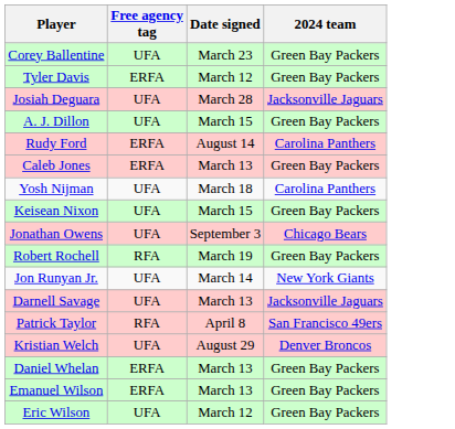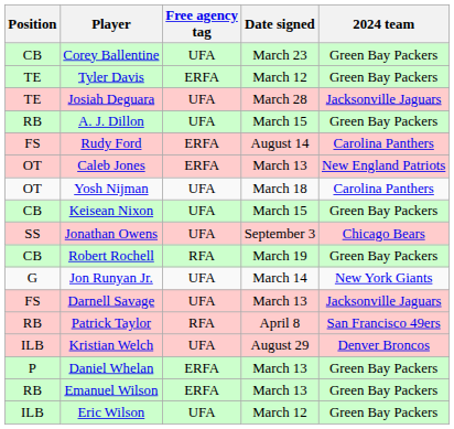 <table class="wikitable" style="text-align:center">
 <tr>
+<th>Position</th>
 <th>Player</th>
 <th><a href='#'><span>Free agency</span></a><br>tag</th>
 <th>Date signed</th>
 <th>2024 team</th>
 </tr>
 <tr bgcolor=ccffcc>
+<td>CB</td>
 <td><a href='#'>Corey Ballentine</a></td>
 <td>UFA</td>
 <td>March 23</td>
 <td>Green Bay Packers</td>
 </tr>
 <tr bgcolor=ccffcc>
+<td>TE</td>
 <td><a href='#'>Tyler Davis</a></td>
 <td>ERFA</td>
 <td>March 12</td>
 <td>Green Bay Packers</td>
 </tr>
 <tr bgcolor=ffcccc>
+<td>TE</td>
 <td><a href='#'>Josiah Deguara</a></td>
 <td>UFA</td>
 <td>March 28</td>
 <td><a href='#'>Jacksonville Jaguars</a></td>
 </tr>
 <tr bgcolor=ccffcc>
+<td>RB</td>
 <td><a href='#'>A. J. Dillon</a></td>
 <td>UFA</td>
 <td>March 15</td>
 <td>Green Bay Packers</td>
 </tr>
 <tr bgcolor=ffcccc>
+<td>FS</td>
 <td><a href='#'>Rudy Ford</a></td>
 <td>ERFA</td>
 <td>August 14</td>
 <td><a href='#'>Carolina Panthers</a></td>
 </tr>
 <tr bgcolor=ffcccc>
+<td>OT</td>
 <td><a href='#'>Caleb Jones</a></td>
 <td>ERFA</td>
 <td>March 13</td>
-<td>Green Bay Packers</td>
+<td><a href='#'>New England Patriots</a></td>
 </tr>
 <tr -bgcolor=ffcccc>
+<td>OT</td>
 <td><a href='#'>Yosh Nijman</a></td>
 <td>UFA</td>
 <td>March 18</td>
 <td><a href='#'>Carolina Panthers</a></td>
 </tr>
 <tr bgcolor=ccffcc>
+<td>CB</td>
 <td><a href='#'>Keisean Nixon</a></td>
 <td>UFA</td>
 <td>March 15</td>
 <td>Green Bay Packers</td>
 </tr>
 <tr bgcolor=ffcccc>
+<td>SS</td>
 <td><a href='#'>Jonathan Owens</a></td>
 <td>UFA</td>
 <td>September 3</td>
 <td><a href='#'>Chicago Bears</a></td>
 </tr>
 <tr bgcolor=ccffcc>
+<td>CB</td>
 <td><a href='#'>Robert Rochell</a></td>
 <td>RFA</td>
 <td>March 19</td>
 <td>Green Bay Packers</td>
 </tr>
 <tr -bgcolor=ffcccc>
+<td>G</td>
 <td><a href='#'>Jon Runyan Jr.</a></td>
 <td>UFA</td>
 <td>March 14</td>
 <td><a href='#'>New York Giants</a></td>
 </tr>
 <tr bgcolor=ffcccc>
+<td>FS</td>
 <td><a href='#'>Darnell Savage</a></td>
 <td>UFA</td>
 <td>March 13</td>
 <td><a href='#'>Jacksonville Jaguars</a></td>
 </tr>
 <tr bgcolor=ffcccc>
+<td>RB</td>
 <td><a href='#'>Patrick Taylor</a></td>
 <td>RFA</td>
 <td>April 8</td>
 <td><a href='#'>San Francisco 49ers</a></td>
 </tr>
 <tr bgcolor=ffcccc>
+<td>ILB</td>
 <td><a href='#'>Kristian Welch</a></td>
 <td>UFA</td>
 <td>August 29</td>
 <td><a href='#'>Denver Broncos</a></td>
 </tr>
 <tr bgcolor=ccffcc>
+<td>P</td>
 <td><a href='#'>Daniel Whelan</a></td>
 <td>ERFA</td>
 <td>March 13</td>
 <td>Green Bay Packers</td>
 </tr>
 <tr bgcolor=ccffcc>
+<td>RB</td>
 <td><a href='#'>Emanuel Wilson</a></td>
 <td>ERFA</td>
 <td>March 13</td>
 <td>Green Bay Packers</td>
 </tr>
 <tr bgcolor=ccffcc>
+<td>ILB</td>
 <td><a href='#'>Eric Wilson</a></td>
 <td>UFA</td>
 <td>March 12</td>
 <td>Green Bay Packers</td>
 </tr>
 </table>
